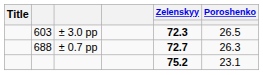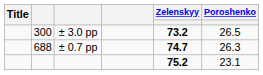 <table class="wikitable" style="text-align:center;font-size:95%;line-height:14px;">
 <tr>
 <th rowspan=2>Title<br></th>
 <th rowspan=2></th>
 <th rowspan=2 style="width:60px;" class="unsortable"></th>
 <th rowspan=2 style="width:65px;" class="unsortable"></th>
 <th><small><a href='#'>Zelenskyy</a></small><br></th>
 <th> <small><a href='#'>Poroshenko</a></small><br></th>
 </tr>
 <tr>
 <th style="background:"></th>
 <th style="background:"></th>
 </tr>
 <tr>
 <td><br></td>
-<td>603</td>
+<td>300</td>
 <td>± 3.0 pp</td>
 <td></td>
-<td style="background-color:#"><strong>72.3</strong></td>
+<td style="background-color:#"><strong>73.2</strong></td>
 <td>26.5</td>
 </tr>
 <tr>
 <td><br></td>
 <td>688</td>
 <td>± 0.7 pp</td>
 <td></td>
-<td style="background-color:#"><strong>72.7</strong></td>
+<td style="background-color:#"><strong>74.7</strong></td>
 <td>26.3</td>
 </tr>
 <tr>
 <td><br></td>
 <td></td>
 <td></td>
 <td></td>
 <td style="background-color:#"><strong>75.2</strong></td>
 <td>23.1</td>
 </tr>
 </table>
